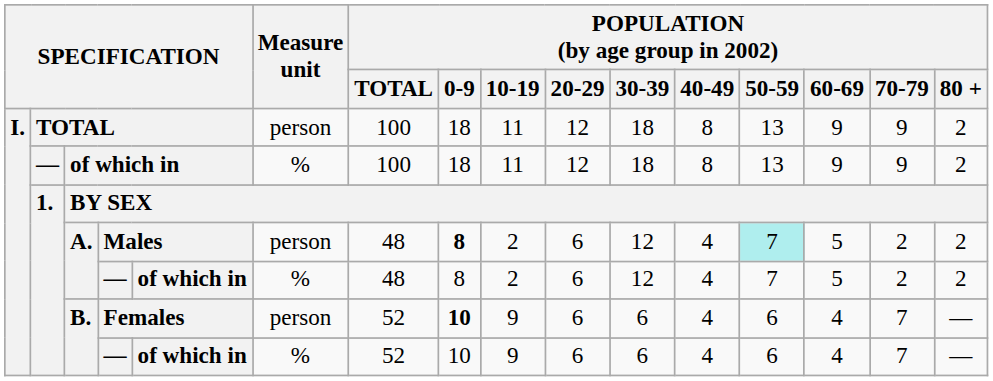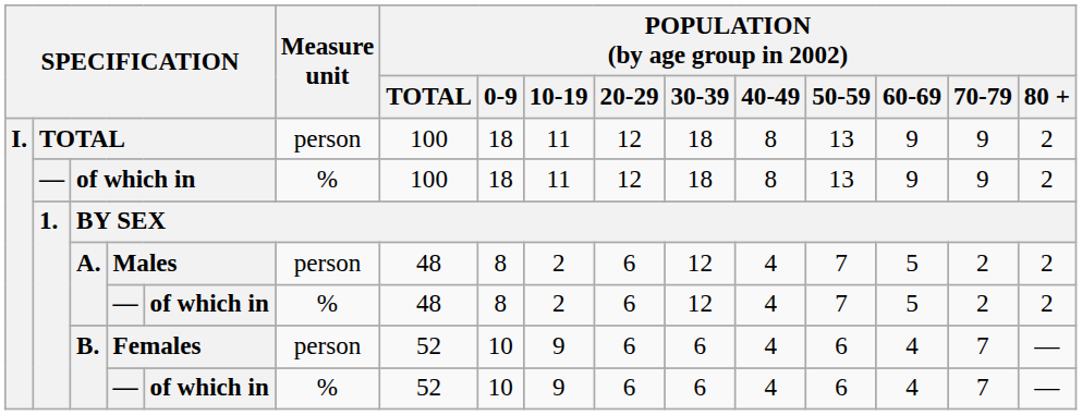 <table class="wikitable" style="font-size:85%; text-align:center">
 <tr>
 <th rowspan="2" colspan="5">SPECIFICATION</th>
 <th rowspan="2">Measure<br> unit</th>
 <th colspan="10" rowspan="1">POPULATION<br> (by age group in 2002)</th>
 </tr>
 <tr>
 <th>TOTAL</th>
 <th>0-9</th>
 <th>10-19</th>
 <th>20-29</th>
 <th>30-39</th>
 <th>40-49</th>
 <th>50-59</th>
 <th>60-69</th>
 <th>70-79</th>
 <th>80 +</th>
 </tr>
 <tr>
 <th style="text-align:left" valign="top" rowspan="7">I.</th>
 <th style="text-align:left" colspan="4">TOTAL</th>
 <td>person</td>
 <td>100</td>
 <td>18</td>
 <td>11</td>
 <td>12</td>
 <td>18</td>
 <td>8</td>
 <td>13</td>
 <td>9</td>
 <td>9</td>
 <td>2</td>
 </tr>
 <tr>
 <th style="text-align:left" valign="top">—</th>
 <th style="text-align:left" colspan="3">of which in</th>
 <td>%</td>
 <td>100</td>
 <td>18</td>
 <td>11</td>
 <td>12</td>
 <td>18</td>
 <td>8</td>
 <td>13</td>
 <td>9</td>
 <td>9</td>
 <td>2</td>
 </tr>
 <tr>
 <th style="text-align:left" valign="top" rowspan="5">1.</th>
 <th style="text-align:left" colspan="14">BY SEX</th>
 </tr>
 <tr>
 <th style="text-align:left" valign="top" rowspan="2">A.</th>
 <th style="text-align:left" colspan="2">Males</th>
 <td>person</td>
 <td>48</td>
-<td><strong>8</strong></td>
+<td>8</td>
 <td>2</td>
 <td>6</td>
 <td>12</td>
 <td>4</td>
-<td style="background: paleturquoise;">7</td>
+<td>7</td>
 <td>5</td>
 <td>2</td>
 <td>2</td>
 </tr>
 <tr>
 <th style="text-align:left" valign="top">—</th>
 <th style="text-align:left" colspan="1">of which in</th>
 <td>%</td>
 <td>48</td>
 <td>8</td>
 <td>2</td>
 <td>6</td>
 <td>12</td>
 <td>4</td>
 <td>7</td>
 <td>5</td>
 <td>2</td>
 <td>2</td>
 </tr>
 <tr>
 <th style="text-align:left" valign="top" rowspan="2">B.</th>
 <th style="text-align:left" colspan="2">Females</th>
 <td>person</td>
 <td>52</td>
-<td><strong>10</strong></td>
+<td>10</td>
 <td>9</td>
 <td>6</td>
 <td>6</td>
 <td>4</td>
 <td>6</td>
 <td>4</td>
 <td>7</td>
 <td>—</td>
 </tr>
 <tr>
 <th style="text-align:left" valign="top">—</th>
 <th style="text-align:left" colspan="1">of which in</th>
 <td>%</td>
 <td>52</td>
 <td>10</td>
 <td>9</td>
 <td>6</td>
 <td>6</td>
 <td>4</td>
 <td>6</td>
 <td>4</td>
 <td>7</td>
 <td>—</td>
 </tr>
 </table>
